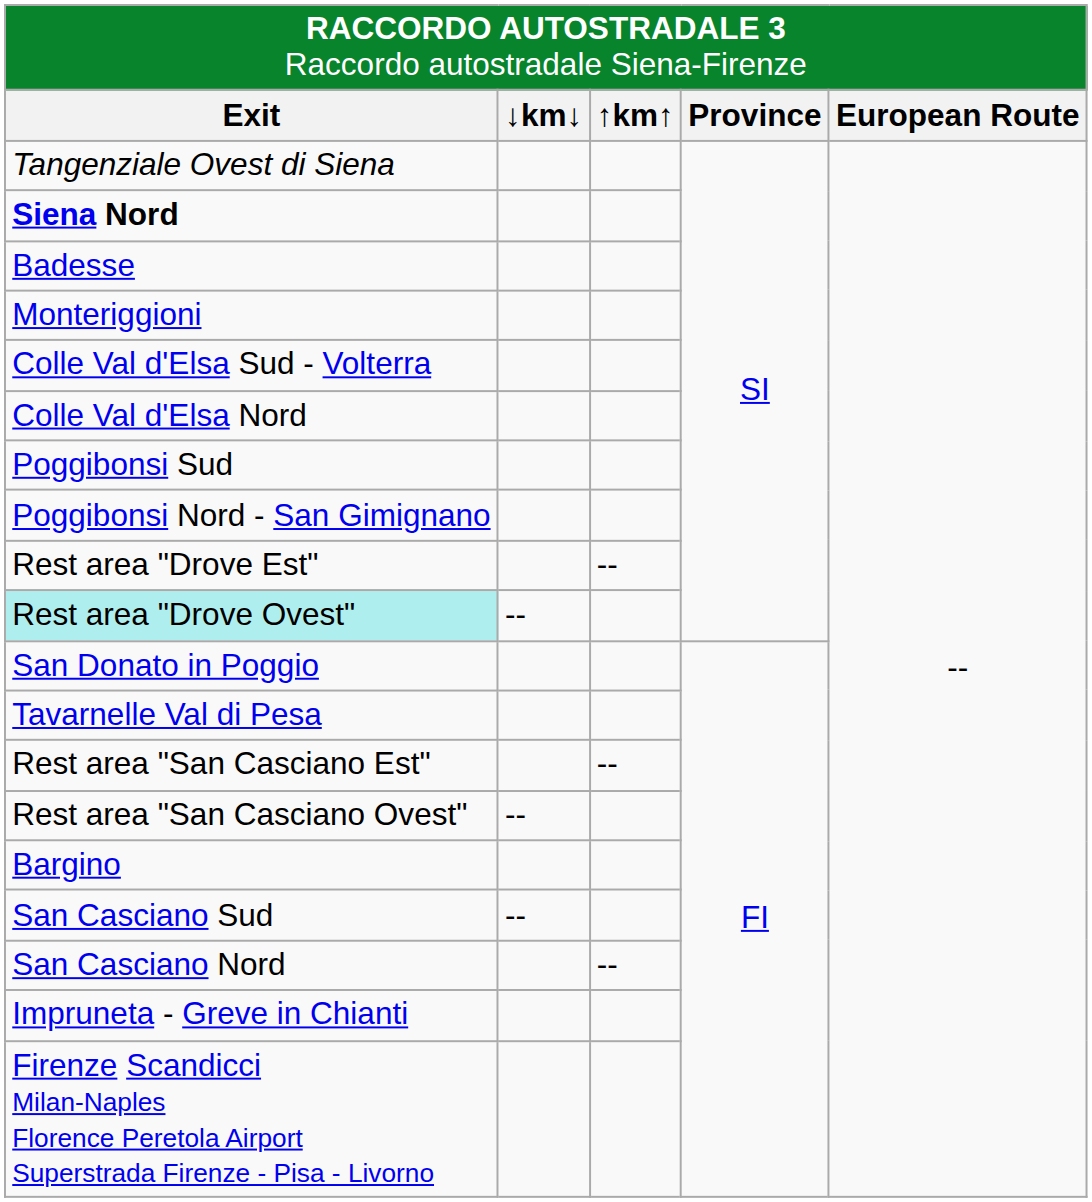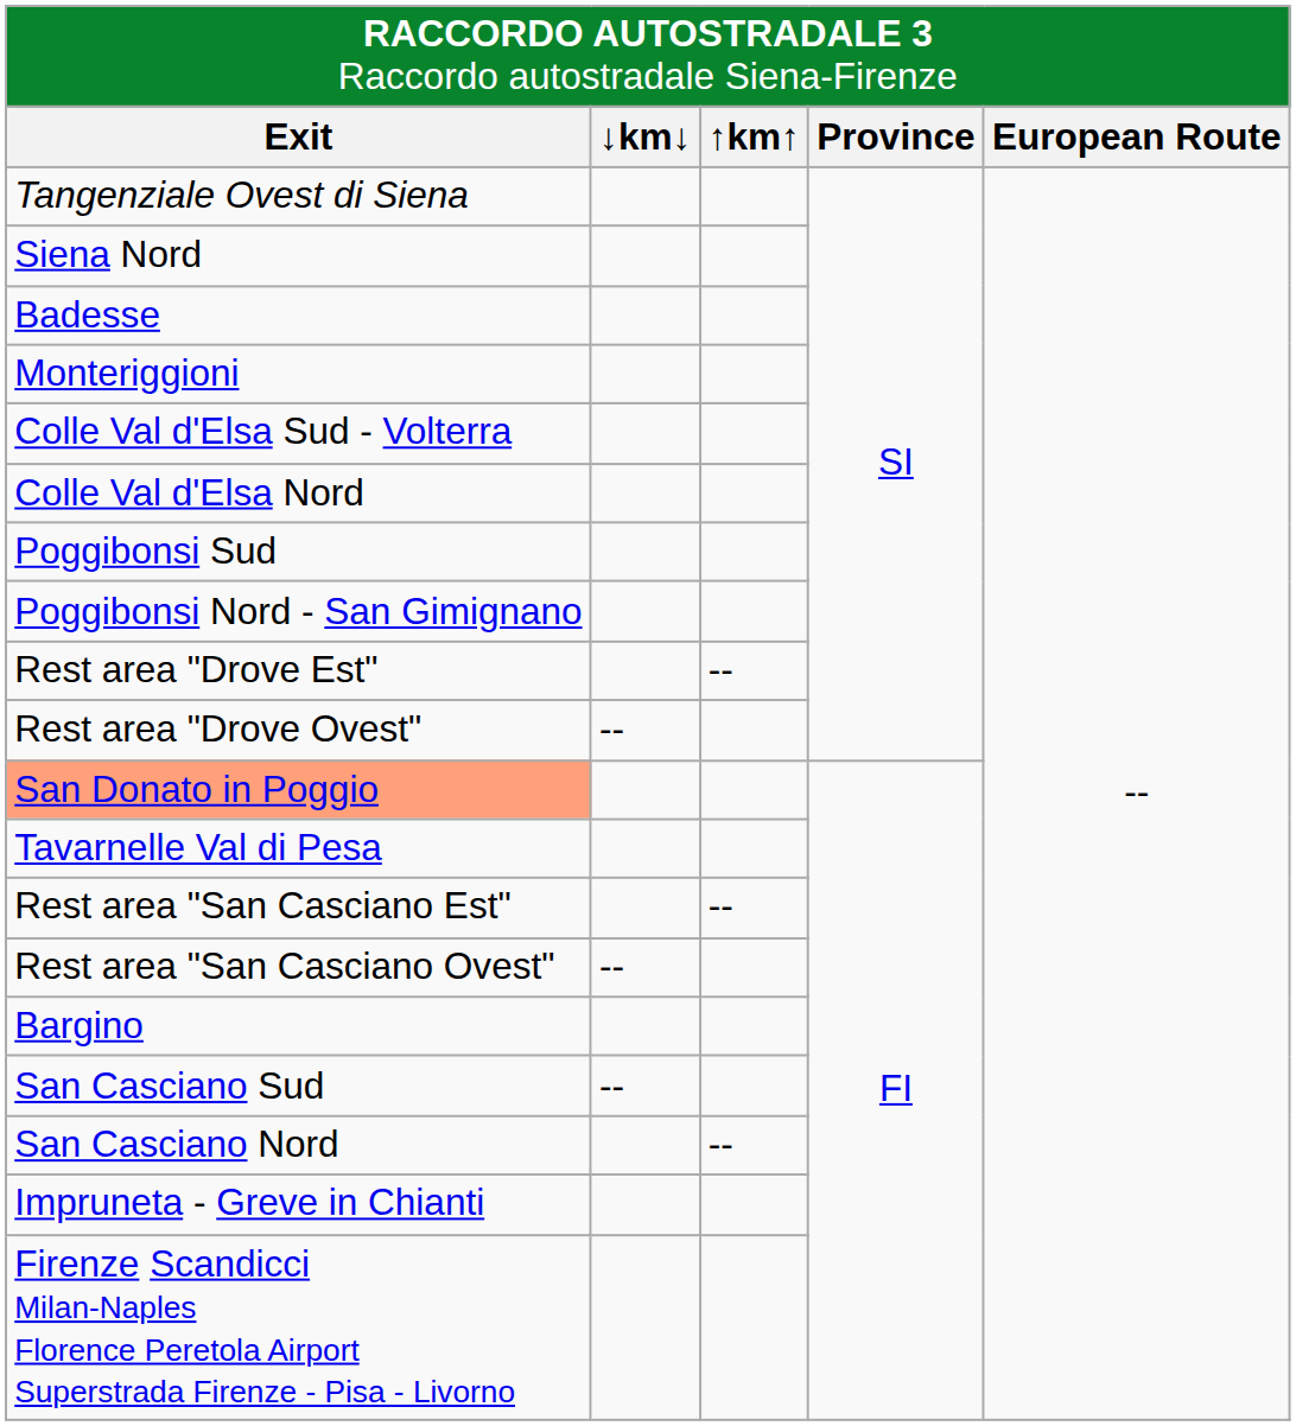 <table class="wikitable" border="1">
 <tr align="center" bgcolor="08842C" style="color: white;font-size:100%;">
 <td colspan="6"><strong> RACCORDO AUTOSTRADALE 3</strong><br>Raccordo autostradale Siena-Firenze</td>
 </tr>
 <tr>
 <th style="text-align:center;"><strong>Exit</strong></th>
 <th style="text-align:center;"><strong>↓km↓</strong></th>
 <th style="text-align:center;"><strong>↑km↑</strong></th>
 <th align="center"><strong>Province</strong></th>
 <th align="center"><strong>European Route</strong></th>
 </tr>
 <tr>
 <td>  <em>Tangenziale Ovest di Siena</em></td>
 <td></td>
 <td></td>
 <td rowspan="10" align="center"><a href='#'>SI</a></td>
 <td rowspan="19" align="center">--</td>
 </tr>
 <tr>
-<td><strong> <a href='#'>Siena</a> Nord</strong></td>
+<td> <a href='#'>Siena</a> Nord</td>
 <td></td>
 <td></td>
 </tr>
 <tr>
 <td> <a href='#'>Badesse</a></td>
 <td></td>
 <td></td>
 </tr>
 <tr>
 <td> <a href='#'>Monteriggioni</a></td>
 <td></td>
 <td></td>
 </tr>
 <tr>
 <td> <a href='#'>Colle Val d'Elsa</a> Sud - <a href='#'>Volterra</a></td>
 <td></td>
 <td></td>
 </tr>
 <tr>
 <td> <a href='#'>Colle Val d'Elsa</a> Nord</td>
 <td></td>
 <td></td>
 </tr>
 <tr>
 <td> <a href='#'>Poggibonsi</a> Sud</td>
 <td></td>
 <td></td>
 </tr>
 <tr>
 <td> <a href='#'>Poggibonsi</a> Nord - <a href='#'>San Gimignano</a></td>
 <td></td>
 <td></td>
 </tr>
 <tr>
 <td>  Rest area "Drove Est"</td>
 <td></td>
 <td>--</td>
 </tr>
 <tr>
-<td style="background: paleturquoise;">  Rest area "Drove Ovest"</td>
+<td>  Rest area "Drove Ovest"</td>
 <td>--</td>
 <td></td>
 </tr>
 <tr>
-<td> <a href='#'>San Donato in Poggio</a></td>
+<td style="background: lightsalmon;"> <a href='#'>San Donato in Poggio</a></td>
 <td></td>
 <td></td>
 <td rowspan="9" align="center"><a href='#'>FI</a></td>
 </tr>
 <tr>
 <td> <a href='#'>Tavarnelle Val di Pesa</a></td>
 <td></td>
 <td></td>
 </tr>
 <tr>
 <td>  Rest area "San Casciano Est"</td>
 <td></td>
 <td>--</td>
 </tr>
 <tr>
 <td>  Rest area "San Casciano Ovest"</td>
 <td>--</td>
 <td></td>
 </tr>
 <tr>
 <td> <a href='#'>Bargino</a></td>
 <td></td>
 <td></td>
 </tr>
 <tr>
 <td> <a href='#'>San Casciano</a> Sud</td>
 <td>--</td>
 <td></td>
 </tr>
 <tr>
 <td> <a href='#'>San Casciano</a> Nord</td>
 <td></td>
 <td>--</td>
 </tr>
 <tr>
 <td> <a href='#'>Impruneta</a> - <a href='#'>Greve in Chianti</a></td>
 <td></td>
 <td></td>
 </tr>
 <tr>
 <td> <a href='#'>Firenze</a> <a href='#'>Scandicci</a><br><small>  <a href='#'>Milan-Naples</a></small><br><small> <a href='#'>Florence Peretola Airport</a></small><br><small>  <a href='#'>Superstrada Firenze - Pisa - Livorno</a></small></td>
 <td></td>
 <td></td>
 </tr>
 </table>
